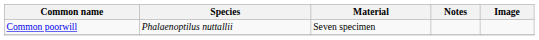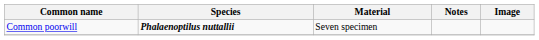 <table class="wikitable" align="center" width="100%">
 <tr>
 <th>Common name</th>
 <th>Species</th>
 <th>Material</th>
 <th>Notes</th>
 <th>Image</th>
 </tr>
 <tr>
 <td><a href='#'>Common poorwill</a></td>
-<td><em>Phalaenoptilus nuttallii</em></td>
+<td><strong><em>Phalaenoptilus nuttallii</em></strong></td>
 <td>Seven specimen</td>
 <td></td>
 <td></td>
 </tr>
 <tr>
 </tr>
 </table>
